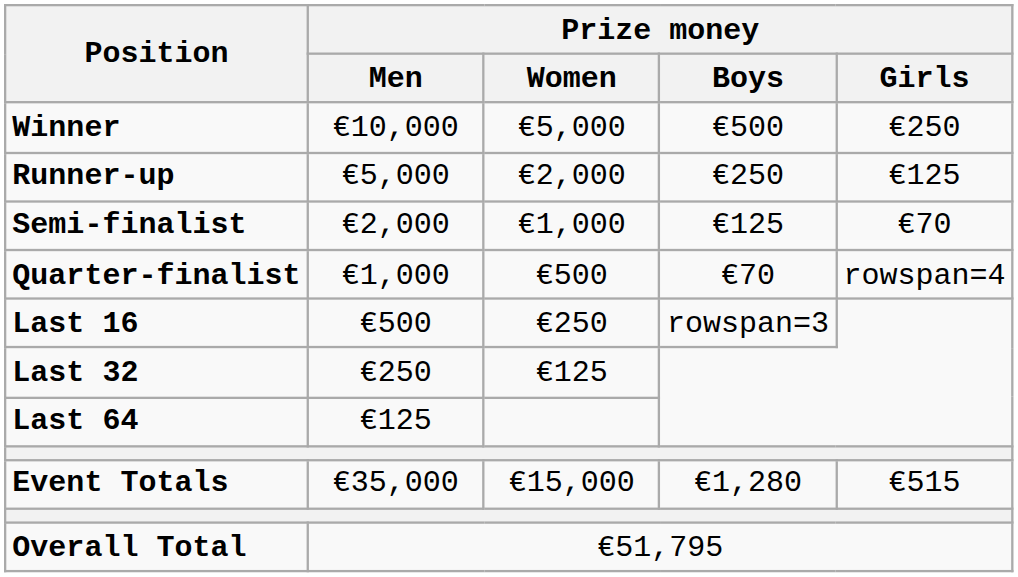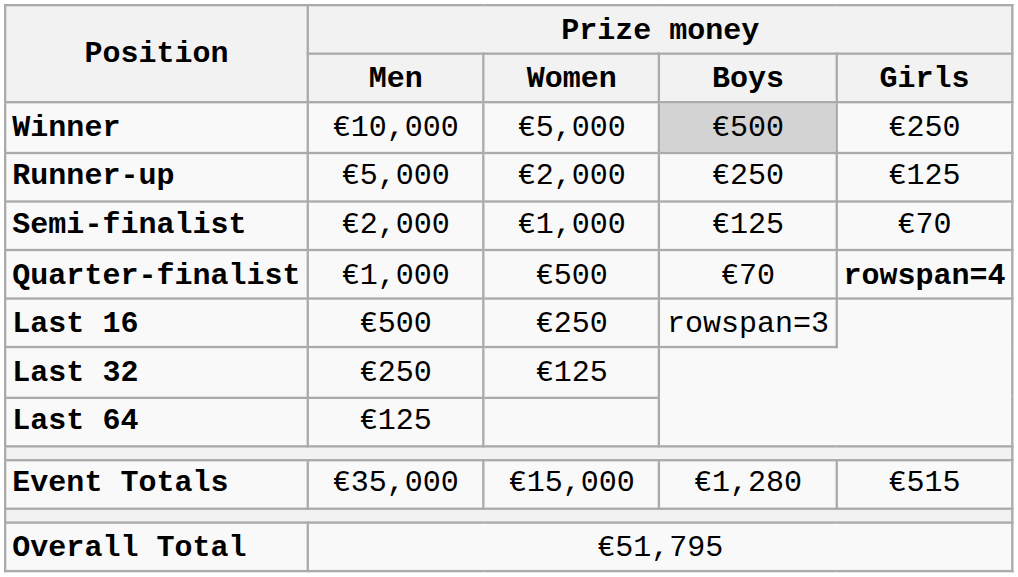 <table class="wikitable">
 <tr>
 <th rowspan=2>Position</th>
 <th colspan=4>Prize money</th>
 </tr>
 <tr>
 <th width=70px>Men</th>
 <th width=70px>Women</th>
 <th width=70px>Boys</th>
 <th width=70px>Girls</th>
 </tr>
 <tr>
 <td><strong>Winner</strong></td>
 <td align="center">€10,000</td>
 <td align="center">€5,000</td>
-<td align="center">€500</td>
+<td align="center" style="background: lightgrey;">€500</td>
 <td align="center">€250</td>
 </tr>
 <tr>
 <td><strong>Runner-up</strong></td>
 <td align="center">€5,000</td>
 <td align="center">€2,000</td>
 <td align="center">€250</td>
 <td align="center">€125</td>
 </tr>
 <tr>
 <td><strong>Semi-finalist</strong></td>
 <td align="center">€2,000</td>
 <td align="center">€1,000</td>
 <td align="center">€125</td>
 <td align="center">€70</td>
 </tr>
 <tr>
 <td><strong>Quarter-finalist</strong></td>
 <td align="center">€1,000</td>
 <td align="center">€500</td>
 <td align="center">€70</td>
-<td>rowspan=4 </td>
+<td><strong>rowspan=4 </strong></td>
 </tr>
 <tr>
 <td><strong>Last 16</strong></td>
 <td align="center">€500</td>
 <td align="center">€250</td>
 <td>rowspan=3 </td>
 </tr>
 <tr>
 <td><strong>Last 32</strong></td>
 <td align="center">€250</td>
 <td align="center">€125</td>
 </tr>
 <tr>
 <td><strong>Last 64</strong></td>
 <td align="center">€125</td>
 <td></td>
 </tr>
 <tr>
 <th colspan="5"></th>
 </tr>
 <tr>
 <td><strong>Event Totals</strong></td>
 <td align="center">€35,000</td>
 <td align="center">€15,000</td>
 <td align="center">€1,280</td>
 <td align="center">€515</td>
 </tr>
 <tr>
 <th colspan="5"></th>
 </tr>
 <tr>
 <td><strong>Overall Total</strong></td>
 <td colspan="5" align="center">€51,795</td>
 </tr>
 </table>
